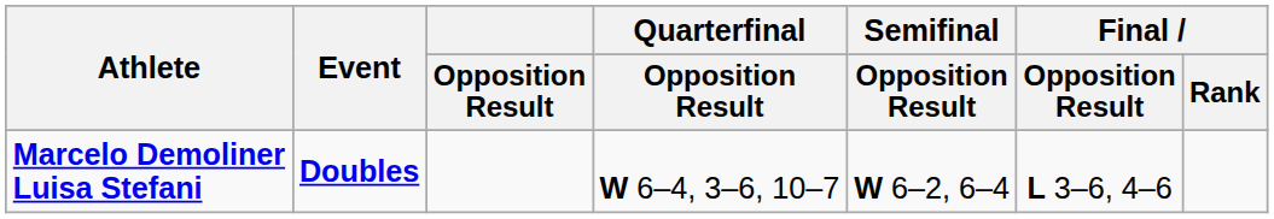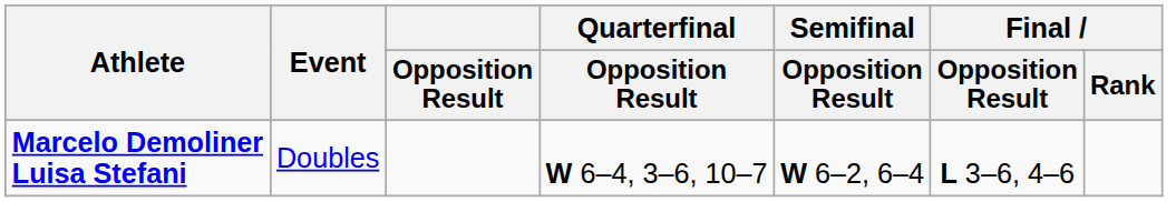 <table class=wikitable style=font-size:90%;text-align:center>
 <tr>
 <th rowspan=2>Athlete</th>
 <th rowspan=2>Event</th>
 <th></th>
 <th>Quarterfinal</th>
 <th>Semifinal</th>
 <th colspan=2>Final / </th>
 </tr>
 <tr style=font-size:95%>
 <th>Opposition<br>Result</th>
 <th>Opposition<br>Result</th>
 <th>Opposition<br>Result</th>
 <th>Opposition<br>Result</th>
 <th>Rank</th>
 </tr>
 <tr>
 <td align=left><strong><a href='#'>Marcelo Demoliner</a><br><a href='#'>Luisa Stefani</a></strong></td>
-<td align=left><strong><a href='#'>Doubles</a></strong></td>
+<td align=left><a href='#'>Doubles</a></td>
 <td></td>
 <td><br><strong>W</strong> 6–4, 3–6, 10–7</td>
 <td><br><strong>W</strong> 6–2, 6–4</td>
 <td><br><strong>L</strong> 3–6, 4–6</td>
 <td></td>
 </tr>
 </table>
